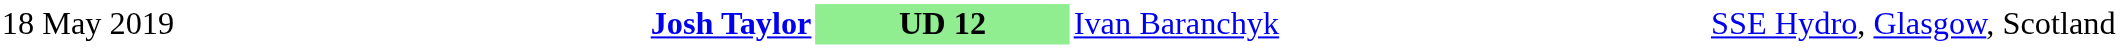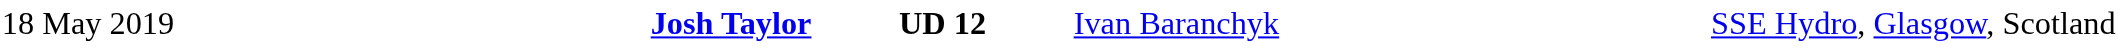 <table cellspacing="1" style="width:100%;">
 <tr>
 <th width="15%"></th>
 <th width="25%"></th>
 <th width="10%"></th>
 <th width="25%"></th>
 <td></td>
 </tr>
 <tr style="font-size:100%">
 <td align="right">18 May 2019</td>
 <td align="right"><strong><a href='#'>Josh Taylor</a></strong> </td>
-<td align="center" style="background: lightgreen;"><strong>UD 12</strong></td>
+<td align="center"><strong>UD 12</strong></td>
 <td> <a href='#'>Ivan Baranchyk</a></td>
 <td><a href='#'>SSE Hydro</a>, <a href='#'>Glasgow</a>, Scotland</td>
 </tr>
 </table>
